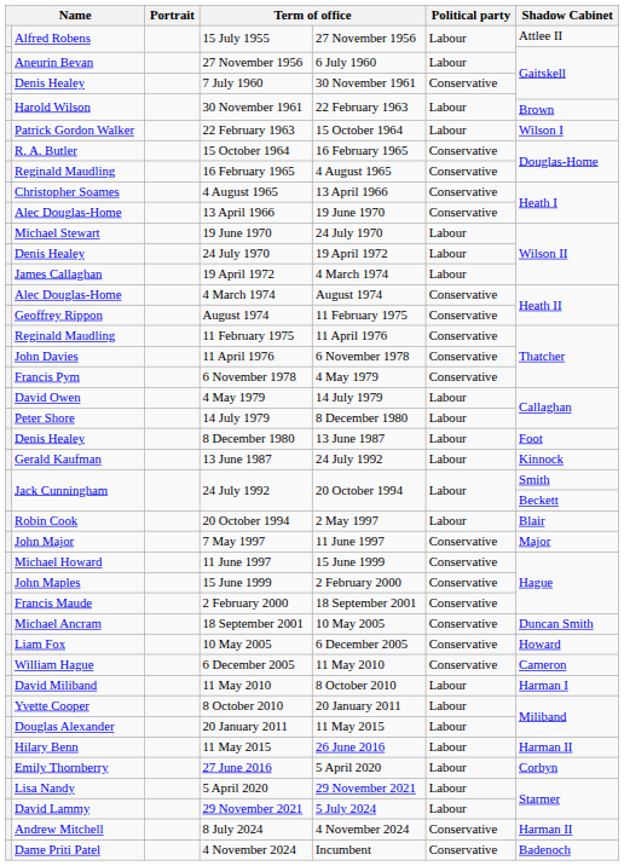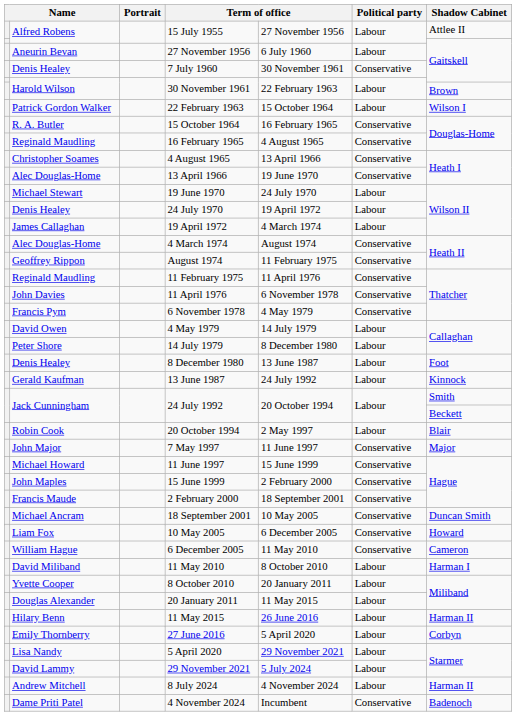 <table class="wikitable" style="width:60%;">
 <tr>
 <th colspan=2>Name</th>
 <th width=60>Portrait</th>
 <th colspan=2>Term of office</th>
 <th>Political party</th>
 <th>Shadow Cabinet</th>
 </tr>
 <tr>
 <th style="background-color: "></th>
 <td rowspan="2"><a href='#'>Alfred Robens</a></td>
 <td rowspan="2"></td>
 <td rowspan="2">15 July 1955</td>
 <td rowspan="2">27 November 1956</td>
 <td rowspan="2">Labour</td>
 <td>Attlee II</td>
 </tr>
 <tr>
 <th style="background-color: "></th>
 <td rowspan="4"><a href='#'>Gaitskell</a></td>
 </tr>
 <tr>
 <th style="background-color: "></th>
 <td><a href='#'>Aneurin Bevan</a></td>
 <td></td>
 <td>27 November 1956</td>
 <td>6 July 1960</td>
 <td>Labour</td>
 </tr>
 <tr>
 <th style="background-color: "></th>
 <td><a href='#'>Denis Healey</a></td>
 <td></td>
 <td>7 July 1960</td>
 <td>30 November 1961</td>
 <td>Conservative</td>
 </tr>
 <tr>
 <th style="background-color: "></th>
 <td rowspan="2"><a href='#'>Harold Wilson</a></td>
 <td rowspan="2"></td>
 <td rowspan="2">30 November 1961</td>
 <td rowspan="2">22 February 1963</td>
 <td rowspan="2">Labour</td>
 </tr>
 <tr>
 <th style="background-color: "></th>
 <td><a href='#'>Brown</a></td>
 </tr>
 <tr>
 <th style="background-color: "></th>
 <td><a href='#'>Patrick Gordon Walker</a></td>
 <td></td>
 <td>22 February 1963</td>
 <td>15 October 1964</td>
 <td>Labour</td>
 <td><a href='#'>Wilson I</a></td>
 </tr>
 <tr>
 <th style="background-color: "></th>
 <td><a href='#'>R. A. Butler</a></td>
 <td></td>
 <td>15 October 1964</td>
 <td>16 February 1965</td>
 <td>Conservative</td>
 <td rowspan="2"><a href='#'>Douglas-Home</a></td>
 </tr>
 <tr>
 <th style="background-color: "></th>
 <td><a href='#'>Reginald Maudling</a></td>
 <td></td>
 <td>16 February 1965</td>
 <td>4 August 1965</td>
 <td>Conservative</td>
 </tr>
 <tr>
 <th style="background-color: "></th>
 <td><a href='#'>Christopher Soames</a></td>
 <td></td>
 <td>4 August 1965</td>
 <td>13 April 1966</td>
 <td>Conservative</td>
 <td rowspan="2"><a href='#'>Heath I</a></td>
 </tr>
 <tr>
 <th style="background-color: "></th>
 <td><a href='#'>Alec Douglas-Home</a></td>
 <td></td>
 <td>13 April 1966</td>
 <td>19 June 1970</td>
 <td>Conservative</td>
 </tr>
 <tr>
 <th style="background-color: "></th>
 <td><a href='#'>Michael Stewart</a></td>
 <td></td>
 <td>19 June 1970</td>
 <td>24 July 1970</td>
 <td>Labour</td>
 <td rowspan="3"><a href='#'>Wilson II</a></td>
 </tr>
 <tr>
 <th style="background-color: "></th>
 <td><a href='#'>Denis Healey</a></td>
 <td></td>
 <td>24 July 1970</td>
 <td>19 April 1972</td>
 <td>Labour</td>
 </tr>
 <tr>
 <th style="background-color: "></th>
 <td><a href='#'>James Callaghan</a></td>
 <td></td>
 <td>19 April 1972</td>
 <td>4 March 1974</td>
 <td>Labour</td>
 </tr>
 <tr>
 <th style="background-color: "></th>
 <td><a href='#'>Alec Douglas-Home</a></td>
 <td></td>
 <td>4 March 1974</td>
 <td>August 1974</td>
 <td>Conservative</td>
 <td rowspan="2"><a href='#'>Heath II</a></td>
 </tr>
 <tr>
 <th style="background-color: "></th>
 <td><a href='#'>Geoffrey Rippon</a></td>
 <td></td>
 <td>August 1974</td>
 <td>11 February 1975</td>
 <td>Conservative</td>
 </tr>
 <tr>
 <th style="background-color: "></th>
 <td><a href='#'>Reginald Maudling</a></td>
 <td></td>
 <td>11 February 1975</td>
 <td>11 April 1976</td>
 <td>Conservative</td>
 <td rowspan="3"><a href='#'>Thatcher</a></td>
 </tr>
 <tr>
 <th style="background-color: "></th>
 <td><a href='#'>John Davies</a></td>
 <td></td>
 <td>11 April 1976</td>
 <td>6 November 1978</td>
 <td>Conservative</td>
 </tr>
 <tr>
 <th style="background-color: "></th>
 <td><a href='#'>Francis Pym</a></td>
 <td></td>
 <td>6 November 1978</td>
 <td>4 May 1979</td>
 <td>Conservative</td>
 </tr>
 <tr>
 <th style="background-color: "></th>
 <td><a href='#'>David Owen</a></td>
 <td></td>
 <td>4 May 1979</td>
 <td>14 July 1979</td>
 <td>Labour</td>
 <td rowspan="2"><a href='#'>Callaghan</a></td>
 </tr>
 <tr>
 <th style="background-color: "></th>
 <td><a href='#'>Peter Shore</a></td>
 <td></td>
 <td>14 July 1979</td>
 <td>8 December 1980</td>
 <td>Labour</td>
 </tr>
 <tr>
 <th rowspan="2" style="background-color: "></th>
 <td rowspan="2"><a href='#'>Denis Healey</a></td>
 <td rowspan="2"></td>
 <td rowspan="2">8 December 1980</td>
 <td rowspan="2">13 June 1987</td>
 <td rowspan="2">Labour</td>
 <td><a href='#'>Foot</a></td>
 </tr>
 <tr>
 <td rowspan="2"><a href='#'>Kinnock</a></td>
 </tr>
 <tr>
 <th style="background-color: "></th>
 <td><a href='#'>Gerald Kaufman</a></td>
 <td></td>
 <td>13 June 1987</td>
 <td>24 July 1992</td>
 <td>Labour</td>
 </tr>
 <tr>
 <th rowspan="2" style="background-color: "></th>
 <td rowspan="2"><a href='#'>Jack Cunningham</a></td>
 <td rowspan="2"></td>
 <td rowspan="2">24 July 1992</td>
 <td rowspan="2">20 October 1994</td>
 <td rowspan="2">Labour</td>
 <td><a href='#'>Smith</a></td>
 </tr>
 <tr>
 <td><a href='#'>Beckett</a></td>
 </tr>
 <tr>
 <th style="background-color: "></th>
 <td><a href='#'>Robin Cook</a></td>
 <td></td>
 <td>20 October 1994</td>
 <td>2 May 1997</td>
 <td>Labour</td>
 <td><a href='#'>Blair</a></td>
 </tr>
 <tr>
 <th style="background-color: "></th>
 <td><a href='#'>John Major</a></td>
 <td></td>
 <td>7 May 1997</td>
 <td>11 June 1997</td>
 <td>Conservative</td>
 <td><a href='#'>Major</a></td>
 </tr>
 <tr>
 <th style="background-color: "></th>
 <td><a href='#'>Michael Howard</a></td>
 <td></td>
 <td>11 June 1997</td>
 <td>15 June 1999</td>
 <td>Conservative</td>
 <td rowspan="3"><a href='#'>Hague</a></td>
 </tr>
 <tr>
 <th style="background-color: "></th>
 <td><a href='#'>John Maples</a></td>
 <td></td>
 <td>15 June 1999</td>
 <td>2 February 2000</td>
 <td>Conservative</td>
 </tr>
 <tr>
 <th style="background-color: "></th>
 <td><a href='#'>Francis Maude</a></td>
 <td></td>
 <td>2 February 2000</td>
 <td>18 September 2001</td>
 <td>Conservative</td>
 </tr>
 <tr>
 <th rowspan="2" style="background-color: "></th>
 <td rowspan="2"><a href='#'>Michael Ancram</a></td>
 <td rowspan="2"></td>
 <td rowspan="2">18 September 2001</td>
 <td rowspan="2">10 May 2005</td>
 <td rowspan="2">Conservative</td>
 <td><a href='#'>Duncan Smith</a></td>
 </tr>
 <tr>
 <td rowspan="2"><a href='#'>Howard</a></td>
 </tr>
 <tr>
 <th style="background-color: "></th>
 <td><a href='#'>Liam Fox</a></td>
 <td></td>
 <td>10 May 2005</td>
 <td>6 December 2005</td>
 <td>Conservative</td>
 </tr>
 <tr>
 <th style="background-color: "></th>
 <td><a href='#'>William Hague</a></td>
 <td></td>
 <td>6 December 2005</td>
 <td>11 May 2010</td>
 <td>Conservative</td>
 <td><a href='#'>Cameron</a></td>
 </tr>
 <tr>
 <th style="background-color: "></th>
 <td><a href='#'>David Miliband</a></td>
 <td></td>
 <td>11 May 2010</td>
 <td>8 October 2010</td>
 <td>Labour</td>
 <td><a href='#'>Harman I</a></td>
 </tr>
 <tr>
 <th style="background-color: "></th>
 <td><a href='#'>Yvette Cooper</a></td>
 <td></td>
 <td>8 October 2010</td>
 <td>20 January 2011</td>
 <td>Labour</td>
 <td rowspan="2"><a href='#'>Miliband</a></td>
 </tr>
 <tr>
 <th style="background-color: "></th>
 <td><a href='#'>Douglas Alexander</a></td>
 <td></td>
 <td>20 January 2011</td>
 <td>11 May 2015</td>
 <td>Labour</td>
 </tr>
 <tr>
 <th rowspan="2" style="background-color: "></th>
 <td rowspan="2"><a href='#'>Hilary Benn</a></td>
 <td rowspan="2"></td>
 <td rowspan="2">11 May 2015</td>
 <td rowspan="2"><a href='#'>26 June 2016</a></td>
 <td rowspan="2">Labour</td>
 <td><a href='#'>Harman II</a></td>
 </tr>
 <tr>
 <td rowspan="2"><a href='#'>Corbyn</a></td>
 </tr>
 <tr>
 <th style="background-color: "></th>
 <td><a href='#'>Emily Thornberry</a></td>
 <td></td>
 <td><a href='#'>27 June 2016</a></td>
 <td>5 April 2020</td>
 <td>Labour</td>
 </tr>
 <tr>
 <th style="background-color: "></th>
 <td><a href='#'>Lisa Nandy</a></td>
 <td></td>
 <td>5 April 2020</td>
 <td><a href='#'>29 November 2021</a></td>
 <td>Labour</td>
 <td rowspan="2"><a href='#'>Starmer</a></td>
 </tr>
 <tr>
 <th style="background-color: "></th>
 <td><a href='#'>David Lammy</a></td>
 <td></td>
 <td><a href='#'>29 November 2021</a></td>
 <td><a href='#'>5 July 2024</a></td>
 <td>Labour</td>
 </tr>
 <tr>
 <th style="background-color: "></th>
 <td><a href='#'>Andrew Mitchell</a></td>
 <td></td>
 <td>8 July 2024</td>
 <td>4 November 2024</td>
-<td>Conservative</td>
+<td>Labour</td>
 <td><a href='#'>Harman II</a></td>
 </tr>
 <tr>
 <th style="background-color: "></th>
 <td><a href='#'>Dame Priti Patel</a></td>
 <td></td>
 <td>4 November 2024</td>
 <td>Incumbent</td>
 <td>Conservative</td>
 <td><a href='#'>Badenoch</a></td>
 </tr>
 </table>
